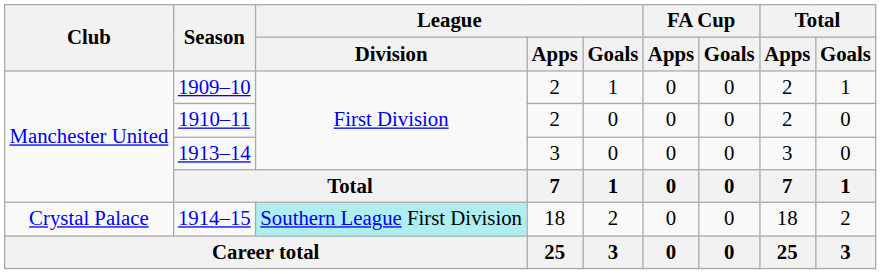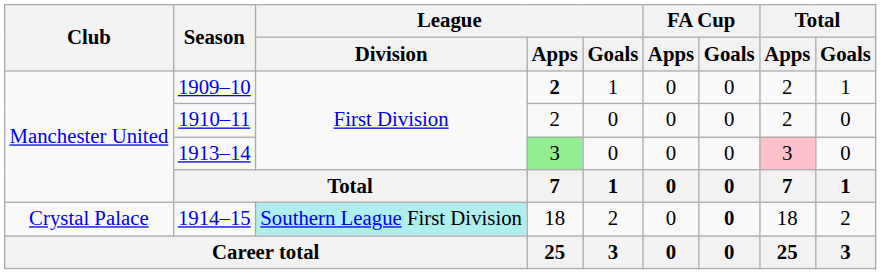 <table class="wikitable" style="text-align:center">
 <tr>
 <th rowspan="2">Club</th>
 <th rowspan="2">Season</th>
 <th colspan="3">League</th>
 <th colspan="2">FA Cup</th>
 <th colspan="2">Total</th>
 </tr>
 <tr>
 <th>Division</th>
 <th>Apps</th>
 <th>Goals</th>
 <th>Apps</th>
 <th>Goals</th>
 <th>Apps</th>
 <th>Goals</th>
 </tr>
 <tr>
 <td rowspan="4"><a href='#'>Manchester United</a></td>
 <td><a href='#'>1909–10</a></td>
 <td rowspan="3"><a href='#'>First Division</a></td>
-<td>2</td>
+<td><strong>2</strong></td>
 <td>1</td>
 <td>0</td>
 <td>0</td>
 <td>2</td>
 <td>1</td>
 </tr>
 <tr>
 <td><a href='#'>1910–11</a></td>
 <td>2</td>
 <td>0</td>
 <td>0</td>
 <td>0</td>
 <td>2</td>
 <td>0</td>
 </tr>
 <tr>
 <td><a href='#'>1913–14</a></td>
-<td>3</td>
+<td style="background: lightgreen;">3</td>
 <td>0</td>
 <td>0</td>
 <td>0</td>
-<td>3</td>
+<td style="background: pink;">3</td>
 <td>0</td>
 </tr>
 <tr>
 <th colspan="2">Total</th>
 <th>7</th>
 <th>1</th>
 <th>0</th>
 <th>0</th>
 <th>7</th>
 <th>1</th>
 </tr>
 <tr>
 <td><a href='#'>Crystal Palace</a></td>
 <td><a href='#'>1914–15</a></td>
 <td style="background: paleturquoise;"><a href='#'>Southern League</a> First Division</td>
 <td>18</td>
 <td>2</td>
 <td>0</td>
-<td>0</td>
+<td><strong>0</strong></td>
 <td>18</td>
 <td>2</td>
 </tr>
 <tr>
 <th colspan="3">Career total</th>
 <th>25</th>
 <th>3</th>
 <th>0</th>
 <th>0</th>
 <th>25</th>
 <th>3</th>
 </tr>
 </table>
